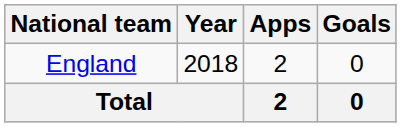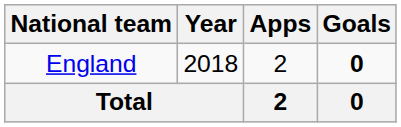 <table class="wikitable" style="text-align: center;">
 <tr>
 <th>National team</th>
 <th>Year</th>
 <th>Apps</th>
 <th>Goals</th>
 </tr>
 <tr>
 <td><a href='#'>England</a></td>
 <td>2018</td>
 <td>2</td>
-<td>0</td>
+<td><strong>0</strong></td>
 </tr>
 <tr>
 <th colspan="2">Total</th>
 <th>2</th>
 <th>0</th>
 </tr>
 </table>
